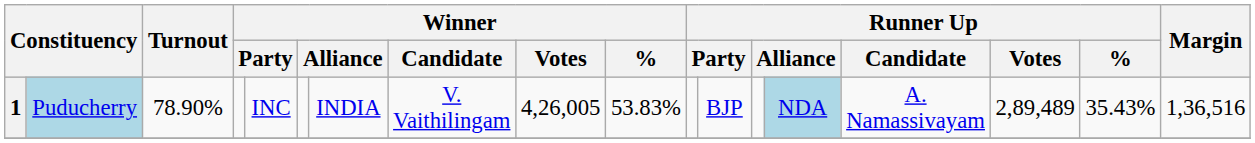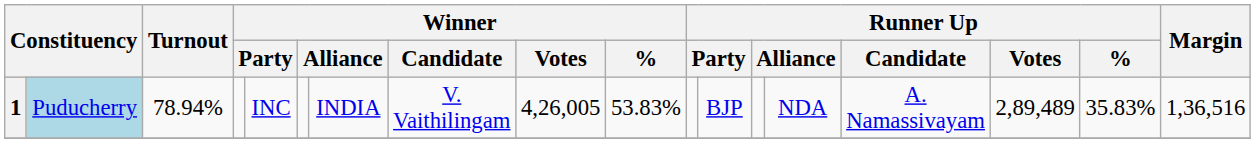 <table class="wikitable sortable" style="text-align:center;">
 <tr>
 <th colspan="2" rowspan="2">Constituency</th>
 <th rowspan="2">Turnout</th>
 <th colspan="7">Winner</th>
 <th colspan="7">Runner Up</th>
 <th rowspan="2">Margin</th>
 </tr>
 <tr>
 <th colspan="2">Party</th>
 <th colspan="2">Alliance</th>
 <th>Candidate</th>
 <th>Votes</th>
 <th>%</th>
 <th colspan="2">Party</th>
 <th colspan="2">Alliance</th>
 <th>Candidate</th>
 <th>Votes</th>
 <th>%</th>
 </tr>
 <tr>
 <th>1</th>
 <td style="background: lightblue;"><a href='#'>Puducherry</a></td>
-<td>78.90%</td>
+<td>78.94%</td>
 <td></td>
 <td><a href='#'>INC</a></td>
 <td></td>
 <td><a href='#'>INDIA</a></td>
 <td><a href='#'>V. Vaithilingam</a></td>
 <td>4,26,005</td>
 <td>53.83%</td>
 <td></td>
 <td><a href='#'>BJP</a></td>
 <td></td>
-<td style="background: lightblue;"><a href='#'>NDA</a></td>
+<td><a href='#'>NDA</a></td>
 <td><a href='#'>A. Namassivayam</a></td>
 <td>2,89,489</td>
-<td>35.43%</td>
+<td>35.83%</td>
 <td style="background:">1,36,516</td>
 </tr>
 <tr>
 </tr>
 </table>
